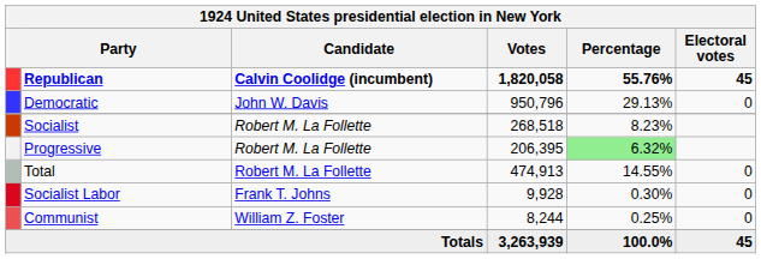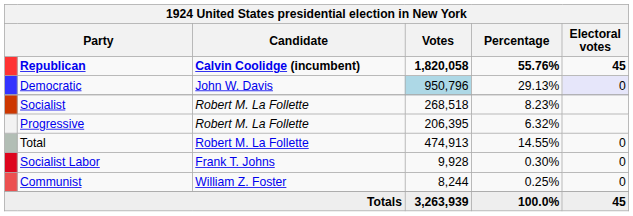 <table class="wikitable" style="font-size: 95%;">
 <tr>
 <th colspan="6">1924 United States presidential election in New York</th>
 </tr>
 <tr>
 <th colspan="2" style="width: 15em">Party</th>
 <th style="width: 17em">Candidate</th>
 <th style="width: 5em">Votes</th>
 <th style="width: 7em">Percentage</th>
 <th style="width: 5em">Electoral votes</th>
 </tr>
 <tr>
 <th style="background-color:#FF3333; width: 3px"></th>
 <td style="width: 130px"><strong><a href='#'>Republican</a></strong></td>
 <td><strong><a href='#'>Calvin Coolidge</a> (incumbent)</strong></td>
 <td align="right"><strong>1,820,058</strong></td>
 <td align="right"><strong>55.76%</strong></td>
 <td align="right"><strong>45</strong></td>
 </tr>
 <tr>
 <th style="background-color:#3333FF; width: 3px"></th>
 <td style="width: 130px"><a href='#'>Democratic</a></td>
 <td><a href='#'>John W. Davis</a></td>
-<td align="right">950,796</td>
+<td align="right" style="background: lightblue;">950,796</td>
 <td align="right">29.13%</td>
-<td align="right">0</td>
+<td align="right" style="background: lavender;">0</td>
 </tr>
 <tr>
 </tr>
 <tr>
 <th style="background-color:#CD3700; width: 3px"></th>
 <td style="width: 130px"><a href='#'>Socialist</a></td>
 <td><em>Robert M. La Follette</em></td>
 <td align="right">268,518</td>
 <td align="right">8.23%</td>
 <td align="right"></td>
 </tr>
 <tr>
 <th style="background-color:"></th>
 <td style="width: 130px"><a href='#'>Progressive</a></td>
 <td><em>Robert M. La Follette</em></td>
 <td align="right">206,395</td>
-<td align="right" style="background: lightgreen;">6.32%</td>
+<td align="right">6.32%</td>
 <td align="right"></td>
 </tr>
 <tr>
 <th style="background-color:#B2BEB5; width: 3px"></th>
 <td style="width: 130px">Total</td>
 <td><a href='#'>Robert M. La Follette</a></td>
 <td align="right">474,913</td>
 <td align="right">14.55%</td>
 <td align="right">0</td>
 </tr>
 <tr>
 <th style="background-color:#DD051D; width: 3px"></th>
 <td style="width: 130px"><a href='#'>Socialist Labor</a></td>
 <td><a href='#'>Frank T. Johns</a></td>
 <td align="right">9,928</td>
 <td align="right">0.30%</td>
 <td align="right">0</td>
 </tr>
 <tr>
 <th style="background-color:#EC5050; width: 3px"></th>
 <td style="width: 130px"><a href='#'>Communist</a></td>
 <td><a href='#'>William Z. Foster</a></td>
 <td align="right">8,244</td>
 <td align="right">0.25%</td>
 <td align="right">0</td>
 </tr>
 <tr>
 </tr>
 <tr bgcolor="#EEEEEE">
 <td colspan="3" align="right"><strong>Totals</strong></td>
 <td align="right"><strong>3,263,939</strong></td>
 <td align="right"><strong>100.0%</strong></td>
 <td align="right"><strong>45</strong></td>
 </tr>
 </table>
